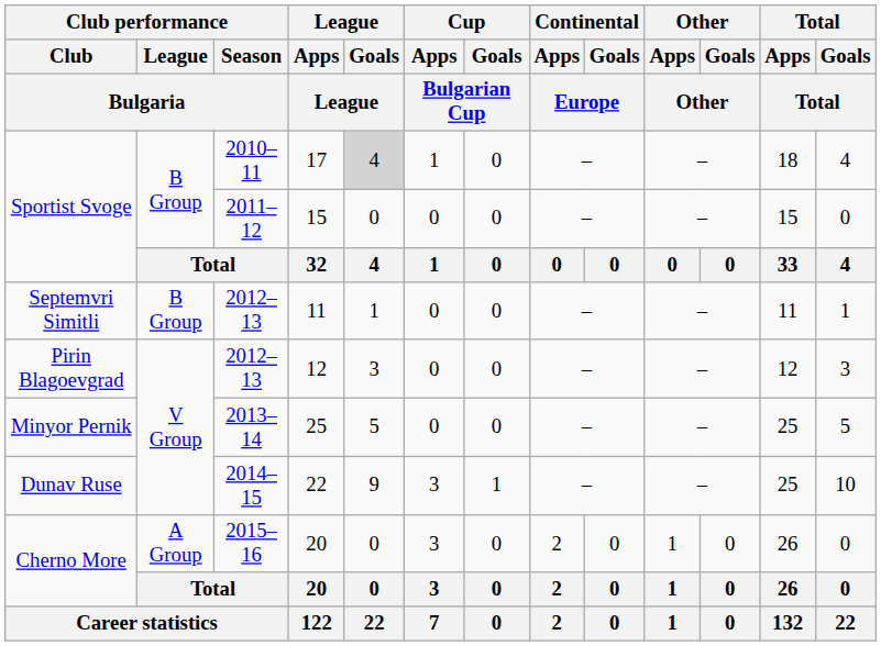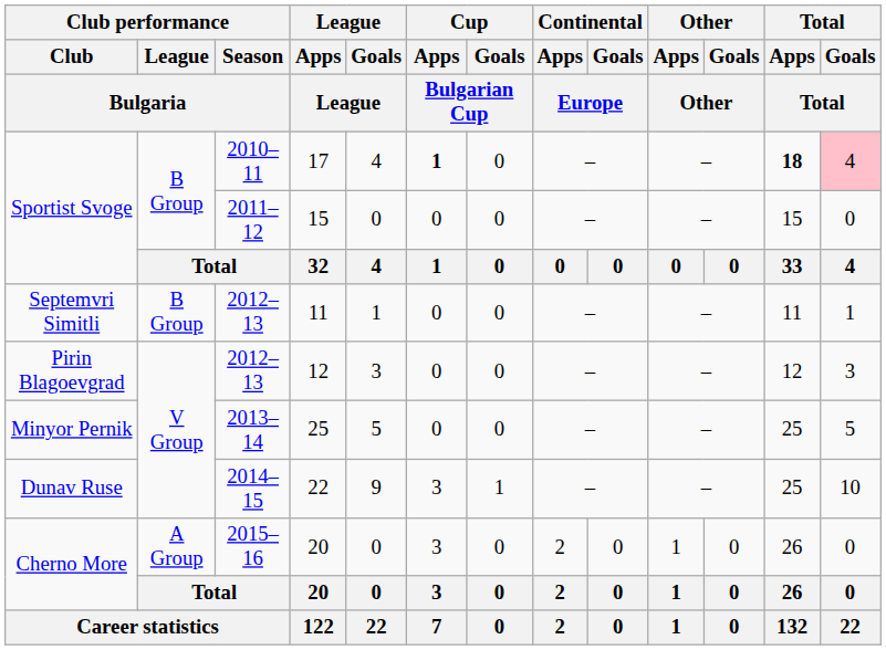 <table class="wikitable" style="font-size:90%; text-align: center">
 <tr>
 <th colspan="3">Club performance</th>
 <th colspan="2">League</th>
 <th colspan="2">Cup</th>
 <th colspan="2">Continental</th>
 <th colspan="2">Other</th>
 <th colspan="3">Total</th>
 </tr>
 <tr>
 <th>Club</th>
 <th>League</th>
 <th>Season</th>
 <th>Apps</th>
 <th>Goals</th>
 <th>Apps</th>
 <th>Goals</th>
 <th>Apps</th>
 <th>Goals</th>
 <th>Apps</th>
 <th>Goals</th>
 <th>Apps</th>
 <th>Goals</th>
 </tr>
 <tr>
 <th colspan="3">Bulgaria</th>
 <th colspan="2">League</th>
 <th colspan="2"><a href='#'>Bulgarian Cup</a></th>
 <th colspan="2"><a href='#'>Europe</a></th>
 <th colspan="2">Other</th>
 <th colspan="2">Total</th>
 </tr>
 <tr>
 <td rowspan="3" valign="center"><a href='#'>Sportist Svoge</a></td>
 <td rowspan="2"><a href='#'>B Group</a></td>
 <td><a href='#'>2010–11</a></td>
 <td>17</td>
-<td style="background: lightgrey;">4</td>
-<td>1</td>
+<td>4</td>
+<td><strong>1</strong></td>
 <td>0</td>
 <td colspan="2">–</td>
 <td colspan="2">–</td>
-<td>18</td>
-<td>4</td>
+<td><strong>18</strong></td>
+<td style="background: pink;">4</td>
 </tr>
 <tr>
 <td><a href='#'>2011–12</a></td>
 <td>15</td>
 <td>0</td>
 <td>0</td>
 <td>0</td>
 <td colspan="2">–</td>
 <td colspan="2">–</td>
 <td>15</td>
 <td>0</td>
 </tr>
 <tr>
 <th colspan=2>Total</th>
 <th>32</th>
 <th>4</th>
 <th>1</th>
 <th>0</th>
 <th>0</th>
 <th>0</th>
 <th>0</th>
 <th>0</th>
 <th>33</th>
 <th>4</th>
 </tr>
 <tr>
 <td rowspan="1" valign="center"><a href='#'>Septemvri Simitli</a></td>
 <td rowspan="1"><a href='#'>B Group</a></td>
 <td><a href='#'>2012–13</a></td>
 <td>11</td>
 <td>1</td>
 <td>0</td>
 <td>0</td>
 <td colspan="2">–</td>
 <td colspan="2">–</td>
 <td>11</td>
 <td>1</td>
 </tr>
 <tr>
 <td rowspan="1" valign="center"><a href='#'>Pirin Blagoevgrad</a></td>
 <td rowspan="3"><a href='#'>V Group</a></td>
 <td><a href='#'>2012–13</a></td>
 <td>12</td>
 <td>3</td>
 <td>0</td>
 <td>0</td>
 <td colspan="2">–</td>
 <td colspan="2">–</td>
 <td>12</td>
 <td>3</td>
 </tr>
 <tr>
 <td rowspan="1" valign="center"><a href='#'>Minyor Pernik</a></td>
 <td><a href='#'>2013–14</a></td>
 <td>25</td>
 <td>5</td>
 <td>0</td>
 <td>0</td>
 <td colspan="2">–</td>
 <td colspan="2">–</td>
 <td>25</td>
 <td>5</td>
 </tr>
 <tr>
 <td rowspan="1" valign="center"><a href='#'>Dunav Ruse</a></td>
 <td><a href='#'>2014–15</a></td>
 <td>22</td>
 <td>9</td>
 <td>3</td>
 <td>1</td>
 <td colspan="2">–</td>
 <td colspan="2">–</td>
 <td>25</td>
 <td>10</td>
 </tr>
 <tr>
 <td rowspan="2" valign="center"><a href='#'>Cherno More</a></td>
 <td rowspan="1"><a href='#'>A Group</a></td>
 <td><a href='#'>2015–16</a></td>
 <td>20</td>
 <td>0</td>
 <td>3</td>
 <td>0</td>
 <td>2</td>
 <td>0</td>
 <td>1</td>
 <td>0</td>
 <td>26</td>
 <td>0</td>
 </tr>
 <tr>
 <th colspan=2>Total</th>
 <th>20</th>
 <th>0</th>
 <th>3</th>
 <th>0</th>
 <th>2</th>
 <th>0</th>
 <th>1</th>
 <th>0</th>
 <th>26</th>
 <th>0</th>
 </tr>
 <tr>
 <th colspan="3">Career statistics</th>
 <th>122</th>
 <th>22</th>
 <th>7</th>
 <th>0</th>
 <th>2</th>
 <th>0</th>
 <th>1</th>
 <th>0</th>
 <th>132</th>
 <th>22</th>
 </tr>
 </table>
